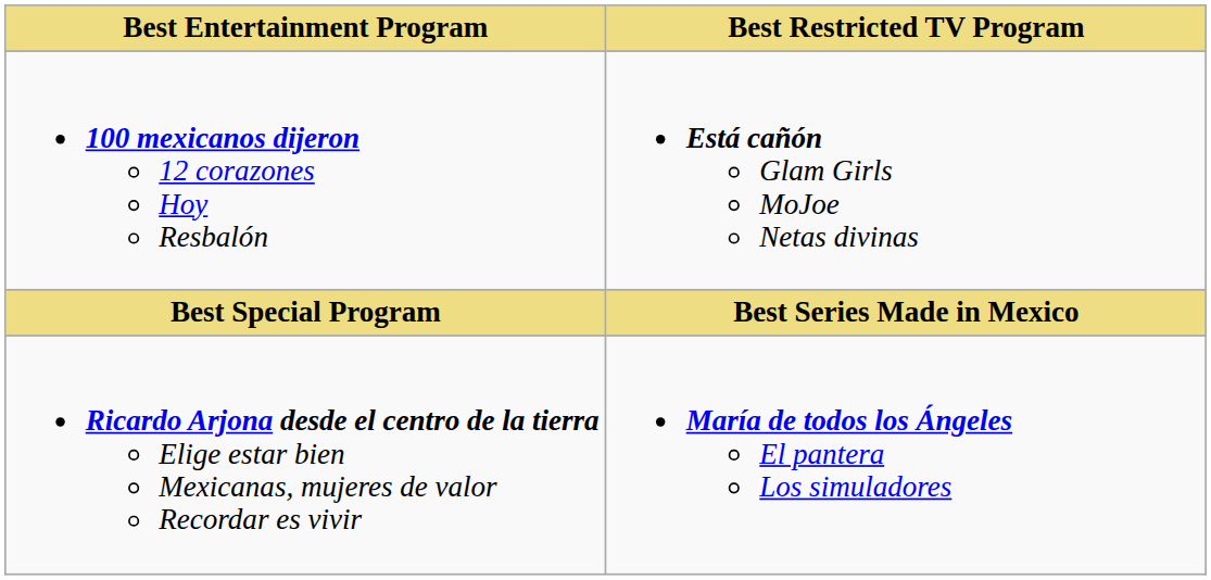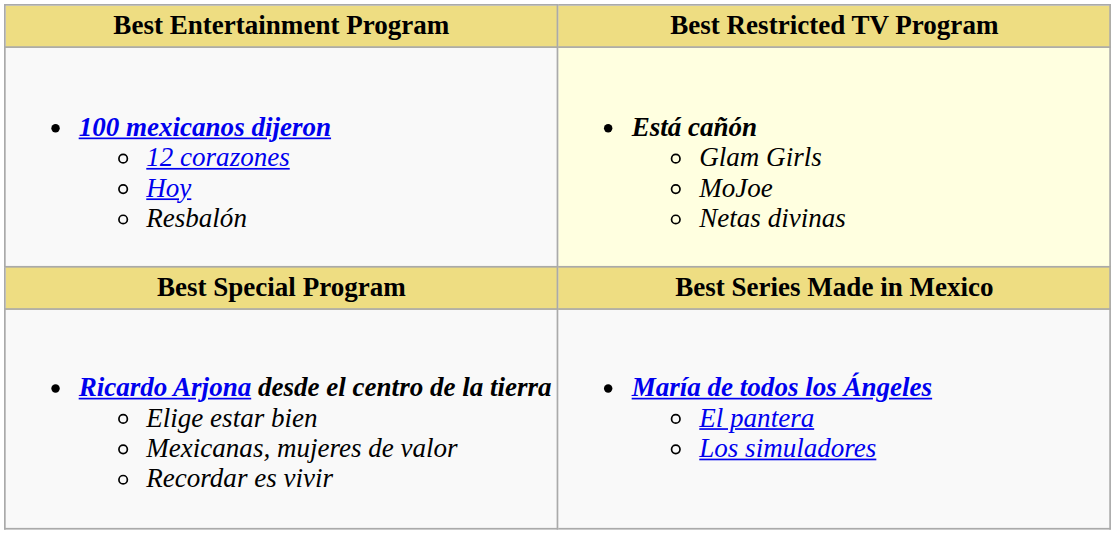 <table class="wikitable">
 <tr>
 <th style="background:#EEDD82; width:50%">Best Entertainment Program</th>
 <th style="background:#EEDD82; width:50%">Best Restricted TV Program</th>
 </tr>
 <tr>
 <td valign="top"><br><ul><li><strong><em><a href='#'>100 mexicanos dijeron</a></em></strong><ul><li><em><a href='#'>12 corazones</a></em></li><li><em><a href='#'>Hoy</a></em></li><li><em>Resbalón</em></li></ul></li></ul></td>
-<td valign="top"><br><ul><li><strong><em>Está cañón</em></strong><ul><li><em>Glam Girls</em></li><li><em>MoJoe</em></li><li><em>Netas divinas</em></li></ul></li></ul></td>
+<td valign="top" style="background: lightyellow;"><br><ul><li><strong><em>Está cañón</em></strong><ul><li><em>Glam Girls</em></li><li><em>MoJoe</em></li><li><em>Netas divinas</em></li></ul></li></ul></td>
 </tr>
 <tr>
 <th style="background:#EEDD82; width:50%">Best Special Program</th>
 <th style="background:#EEDD82; width:50%">Best Series Made in Mexico</th>
 </tr>
 <tr>
 <td valign="top"><br><ul><li><strong><em><a href='#'>Ricardo Arjona</a> desde el centro de la tierra</em></strong><ul><li><em>Elige estar bien</em></li><li><em>Mexicanas, mujeres de valor</em></li><li><em>Recordar es vivir</em></li></ul></li></ul></td>
 <td valign="top"><br><ul><li><strong><em><a href='#'>María de todos los Ángeles</a></em></strong><ul><li><em><a href='#'>El pantera</a></em></li><li><em><a href='#'>Los simuladores</a></em></li></ul></li></ul></td>
 </tr>
 </table>
